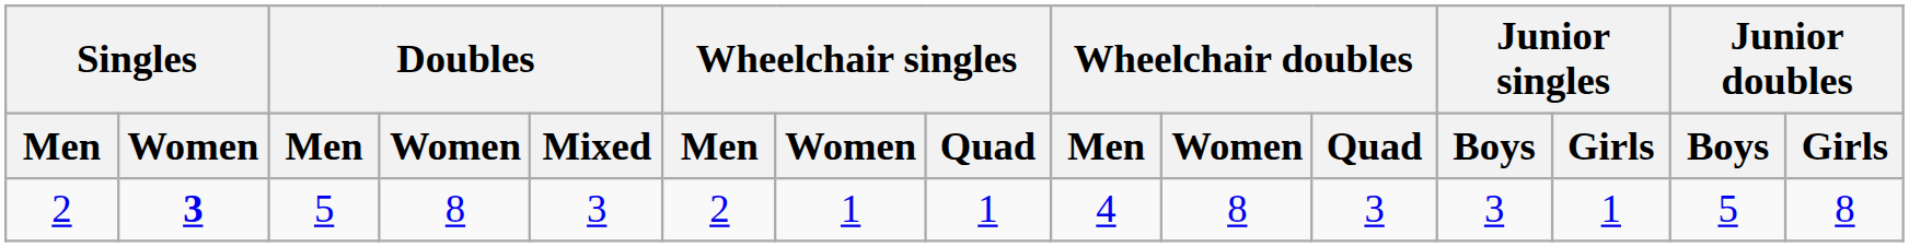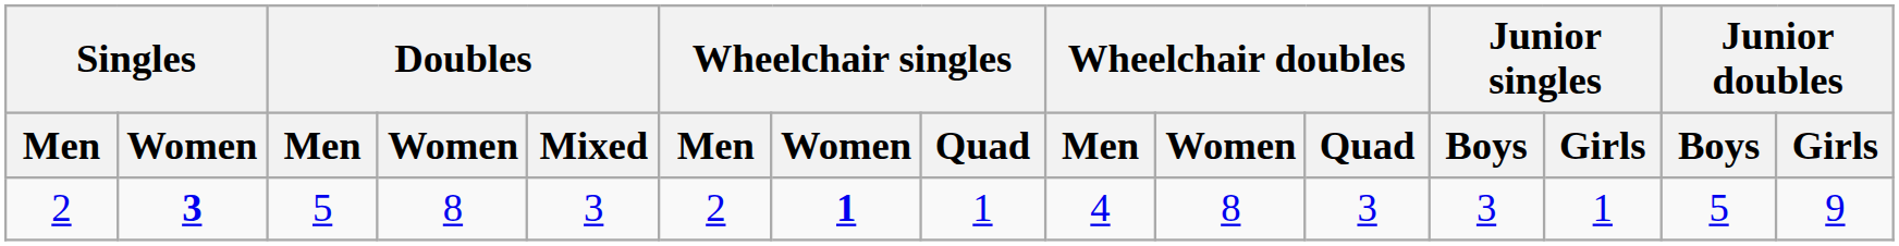 <table class="wikitable nowrap" style="text-align: center; width: 60%;">
 <tr>
 <th colspan="2">Singles</th>
 <th colspan="3">Doubles</th>
 <th colspan="3">Wheelchair singles</th>
 <th colspan="3">Wheelchair doubles</th>
 <th colspan="2">Junior singles</th>
 <th colspan="2">Junior doubles</th>
 </tr>
 <tr>
 <th width="50">Men</th>
 <th width="50">Women</th>
 <th width="50">Men</th>
 <th width="50">Women</th>
 <th width="50">Mixed</th>
 <th width="50">Men</th>
 <th width="50">Women</th>
 <th width="50">Quad</th>
 <th width="50">Men</th>
 <th width="50">Women</th>
 <th width="50">Quad</th>
 <th width="50">Boys</th>
 <th width="50">Girls</th>
 <th width="50">Boys</th>
 <th width="50">Girls</th>
 </tr>
 <tr>
 <td><a href='#'>2</a></td>
 <td><strong><a href='#'>3</a></strong></td>
 <td><a href='#'>5</a></td>
 <td><a href='#'>8</a></td>
 <td><a href='#'>3</a></td>
 <td><a href='#'>2</a></td>
-<td><a href='#'>1</a></td>
+<td><strong><a href='#'>1</a></strong></td>
 <td><a href='#'>1</a></td>
 <td><a href='#'>4</a></td>
 <td><a href='#'>8</a></td>
 <td><a href='#'>3</a></td>
 <td><a href='#'>3</a></td>
 <td><a href='#'>1</a></td>
 <td><a href='#'>5</a></td>
-<td><a href='#'>8</a></td>
+<td><a href='#'>9</a></td>
 </tr>
 </table>
